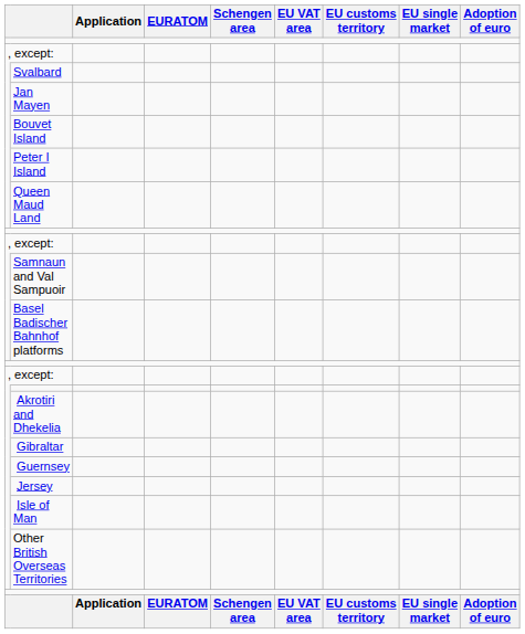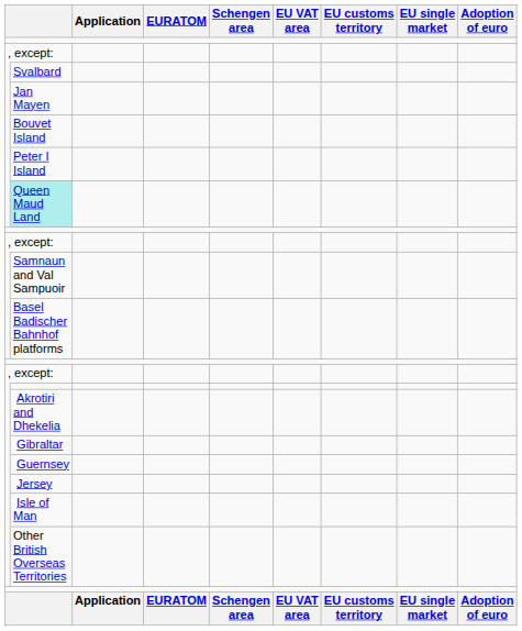 <table class="wikitable">
 <tr>
 <th colspan="2"></th>
 <th>Application </th>
 <th><a href='#'>EURATOM</a></th>
 <th><a href='#'>Schengen area</a></th>
 <th><a href='#'>EU VAT area</a></th>
 <th><a href='#'>EU customs territory</a></th>
 <th><a href='#'>EU single market</a></th>
 <th><a href='#'>Adoption of euro</a></th>
 </tr>
 <tr>
 <td colspan="11"></td>
 </tr>
 <tr>
 <td colspan="2">, except:</td>
 <td></td>
 <td></td>
 <td></td>
 <td></td>
 <td></td>
 <td></td>
 <td></td>
 </tr>
 <tr>
 <td style="border-top:hidden"></td>
 <td> <a href='#'>Svalbard</a></td>
 <td></td>
 <td></td>
 <td></td>
 <td></td>
 <td></td>
 <td></td>
 <td></td>
 </tr>
 <tr>
 <td style="border-top:hidden"></td>
 <td> <a href='#'>Jan Mayen</a></td>
 <td></td>
 <td></td>
 <td></td>
 <td></td>
 <td></td>
 <td></td>
 <td></td>
 </tr>
 <tr>
 <td style="border-top:hidden"></td>
 <td> <a href='#'>Bouvet Island</a></td>
 <td></td>
 <td></td>
 <td></td>
 <td></td>
 <td></td>
 <td></td>
 <td></td>
 </tr>
 <tr>
 <td style="border-top:hidden"></td>
 <td> <a href='#'>Peter I Island</a></td>
 <td></td>
 <td></td>
 <td></td>
 <td></td>
 <td></td>
 <td></td>
 <td></td>
 </tr>
 <tr>
 <td style="border-top:hidden"></td>
-<td> <a href='#'>Queen Maud Land</a></td>
+<td style="background: paleturquoise;"> <a href='#'>Queen Maud Land</a></td>
 <td></td>
 <td></td>
 <td></td>
 <td></td>
 <td></td>
 <td></td>
 <td></td>
 </tr>
 <tr>
 <td colspan="11"></td>
 </tr>
 <tr>
 <td colspan="2">, except:</td>
 <td></td>
 <td></td>
 <td></td>
 <td></td>
 <td></td>
 <td></td>
 <td></td>
 </tr>
 <tr>
 <td style="border-top:hidden"></td>
 <td> <a href='#'>Samnaun</a> and Val Sampuoir</td>
 <td></td>
 <td></td>
 <td></td>
 <td></td>
 <td></td>
 <td></td>
 <td></td>
 </tr>
 <tr>
 <td style="border-top:hidden"></td>
 <td> <a href='#'>Basel Badischer Bahnhof</a> platforms</td>
 <td></td>
 <td></td>
 <td></td>
 <td></td>
 <td></td>
 <td></td>
 <td></td>
 </tr>
 <tr>
 <td colspan="11"></td>
 </tr>
 <tr>
 <td scope="rowgroup" colspan="2">, except:</td>
 <td></td>
 <td></td>
 <td></td>
 <td></td>
 <td></td>
 <td></td>
 <td></td>
 </tr>
 <tr>
 <td style="border-top:hidden"></td>
 <td scope="row"></td>
 <td></td>
 <td></td>
 <td></td>
 <td></td>
 <td></td>
 <td></td>
 <td></td>
 </tr>
 <tr>
 <td style="border-top:hidden"></td>
 <td scope="row"> <a href='#'>Akrotiri and Dhekelia</a></td>
 <td></td>
 <td></td>
 <td></td>
 <td></td>
 <td></td>
 <td></td>
 <td></td>
 </tr>
 <tr>
 <td style="border-top:hidden"></td>
 <td scope="row"> <a href='#'>Gibraltar</a></td>
 <td></td>
 <td></td>
 <td></td>
 <td></td>
 <td></td>
 <td></td>
 <td></td>
 </tr>
 <tr>
 <td style="border-top:hidden"></td>
 <td scope="row"> <a href='#'>Guernsey</a></td>
 <td></td>
 <td></td>
 <td></td>
 <td></td>
 <td></td>
 <td></td>
 <td></td>
 </tr>
 <tr>
 <td style="border-top:hidden"></td>
 <td scope="row"> <a href='#'>Jersey</a></td>
 <td></td>
 <td></td>
 <td></td>
 <td></td>
 <td></td>
 <td></td>
 <td></td>
 </tr>
 <tr>
 <td style="border-top:hidden"></td>
 <td scope="row"> <a href='#'>Isle of Man</a></td>
 <td></td>
 <td></td>
 <td></td>
 <td></td>
 <td></td>
 <td></td>
 <td></td>
 </tr>
 <tr>
 <td style="border-top:hidden"></td>
 <td scope="row">Other <a href='#'>British Overseas Territories</a></td>
 <td></td>
 <td></td>
 <td></td>
 <td></td>
 <td></td>
 <td></td>
 <td></td>
 </tr>
 <tr>
 <td colspan="11"></td>
 </tr>
 <tr valign="top">
 <th colspan="2"></th>
 <th>Application </th>
 <th><a href='#'>EURATOM</a></th>
 <th><a href='#'>Schengen area</a></th>
 <th><a href='#'>EU VAT area</a></th>
 <th><a href='#'>EU customs territory</a></th>
 <th><a href='#'>EU single market</a></th>
 <th><a href='#'>Adoption of euro</a></th>
 </tr>
 </table>
